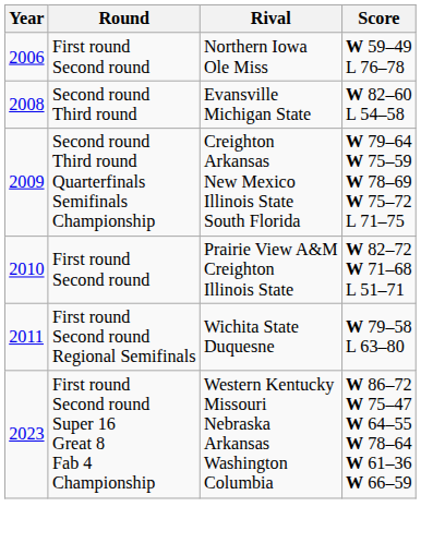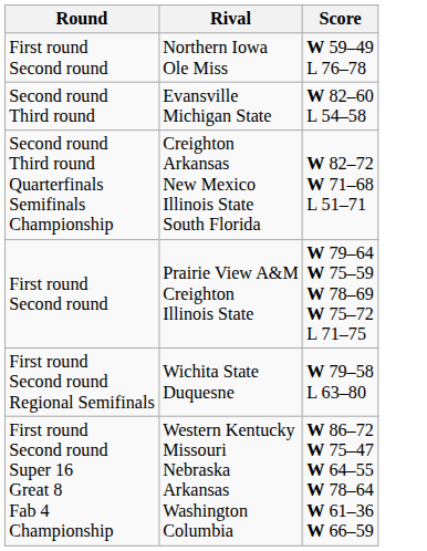 <table class="wikitable">
 <tr>
-<th width=px>Year</th>
 <th width=px>Round</th>
 <th width=px>Rival</th>
 <th width=px>Score</th>
 </tr>
 <tr>
-<td><a href='#'>2006</a></td>
 <td>First round<br>Second round</td>
 <td>Northern Iowa<br>Ole Miss</td>
 <td><strong>W</strong> 59–49<br>L 76–78</td>
 </tr>
 <tr>
-<td><a href='#'>2008</a></td>
 <td>Second round<br>Third round</td>
 <td>Evansville<br>Michigan State</td>
 <td><strong>W</strong> 82–60<br>L 54–58</td>
 </tr>
 <tr>
-<td><a href='#'>2009</a></td>
 <td>Second round<br>Third round<br>Quarterfinals<br>Semifinals<br>Championship</td>
 <td>Creighton<br>Arkansas<br>New Mexico<br>Illinois State<br>South Florida</td>
+<td><strong>W</strong> 82–72<br><strong>W</strong> 71–68<br>L 51–71</td>
+</tr>
+<tr>
+<td>First round<br>Second round</td>
+<td>Prairie View A&M<br>Creighton<br>Illinois State</td>
 <td><strong>W</strong> 79–64<br><strong>W</strong> 75–59<br><strong>W</strong> 78–69<br><strong>W</strong> 75–72<br>L 71–75</td>
 </tr>
 <tr>
-<td><a href='#'>2010</a></td>
-<td>First round<br>Second round</td>
-<td>Prairie View A&M<br>Creighton<br>Illinois State</td>
-<td><strong>W</strong> 82–72<br><strong>W</strong> 71–68<br>L 51–71</td>
-</tr>
-<tr>
-<td><a href='#'>2011</a></td>
 <td>First round<br>Second round<br>Regional Semifinals</td>
 <td>Wichita State<br>Duquesne</td>
 <td><strong>W</strong> 79–58<br>L 63–80</td>
 </tr>
 <tr>
-<td><a href='#'>2023</a></td>
 <td>First round<br>Second round<br>Super 16<br>Great 8<br>Fab 4<br>Championship</td>
 <td>Western Kentucky<br>Missouri<br>Nebraska<br>Arkansas<br>Washington<br>Columbia</td>
 <td><strong>W</strong> 86–72<br><strong>W</strong> 75–47<br><strong>W</strong> 64–55<br><strong>W</strong> 78–64<br><strong>W</strong> 61–36<br><strong>W</strong> 66–59</td>
 </tr>
 </table>
